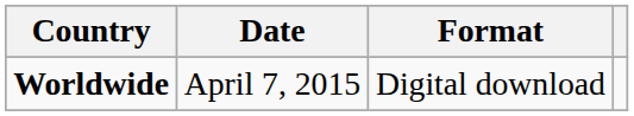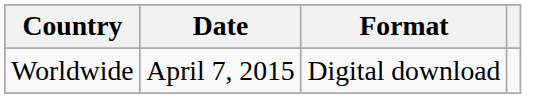 <table class="wikitable plainrowheaders">
 <tr>
 <th scope="col">Country</th>
 <th scope="col">Date</th>
 <th scope="col">Format</th>
 <th scope="col"></th>
 </tr>
 <tr>
-<td><strong>Worldwide</strong></td>
+<td>Worldwide</td>
 <td rowspan="2">April 7, 2015</td>
 <td rowspan="2">Digital download</td>
 <td></td>
 </tr>
 </table>
